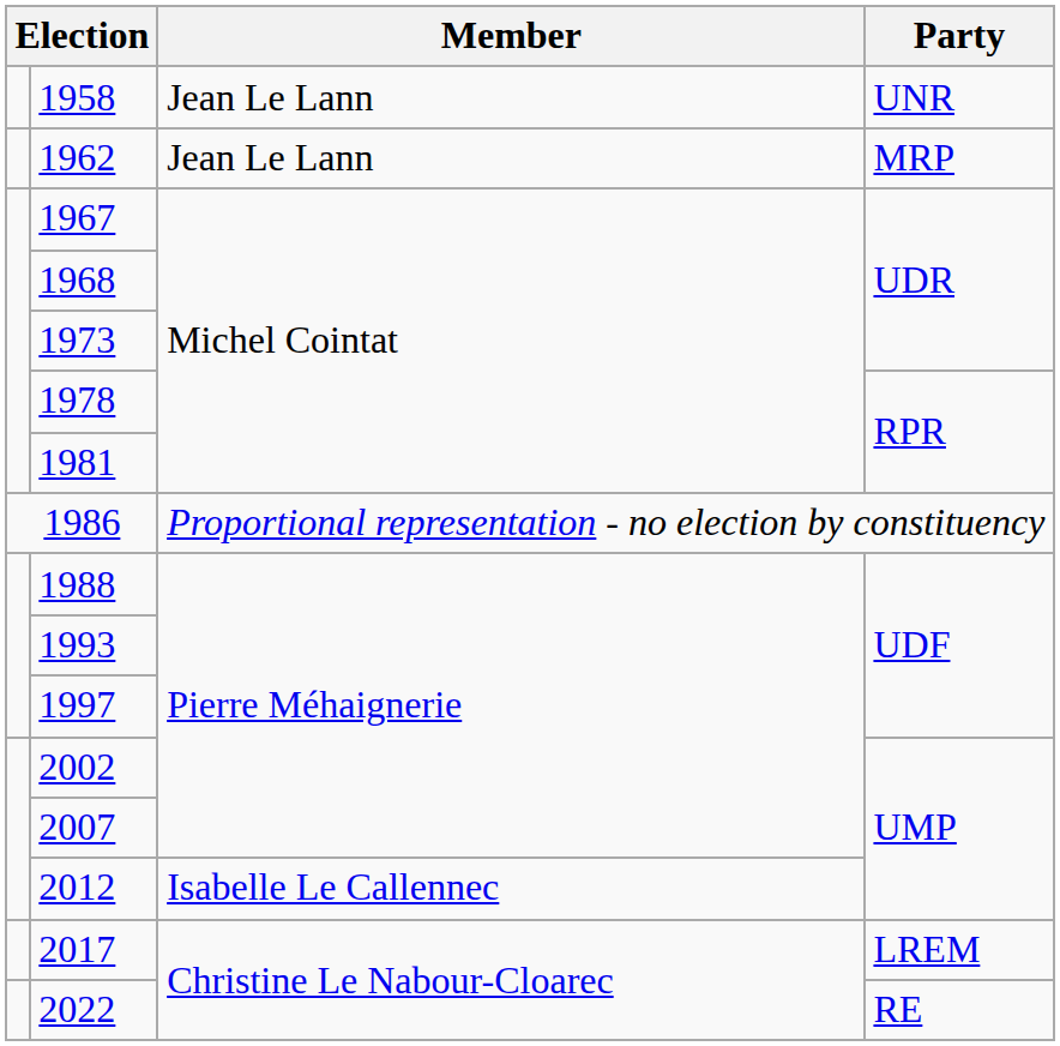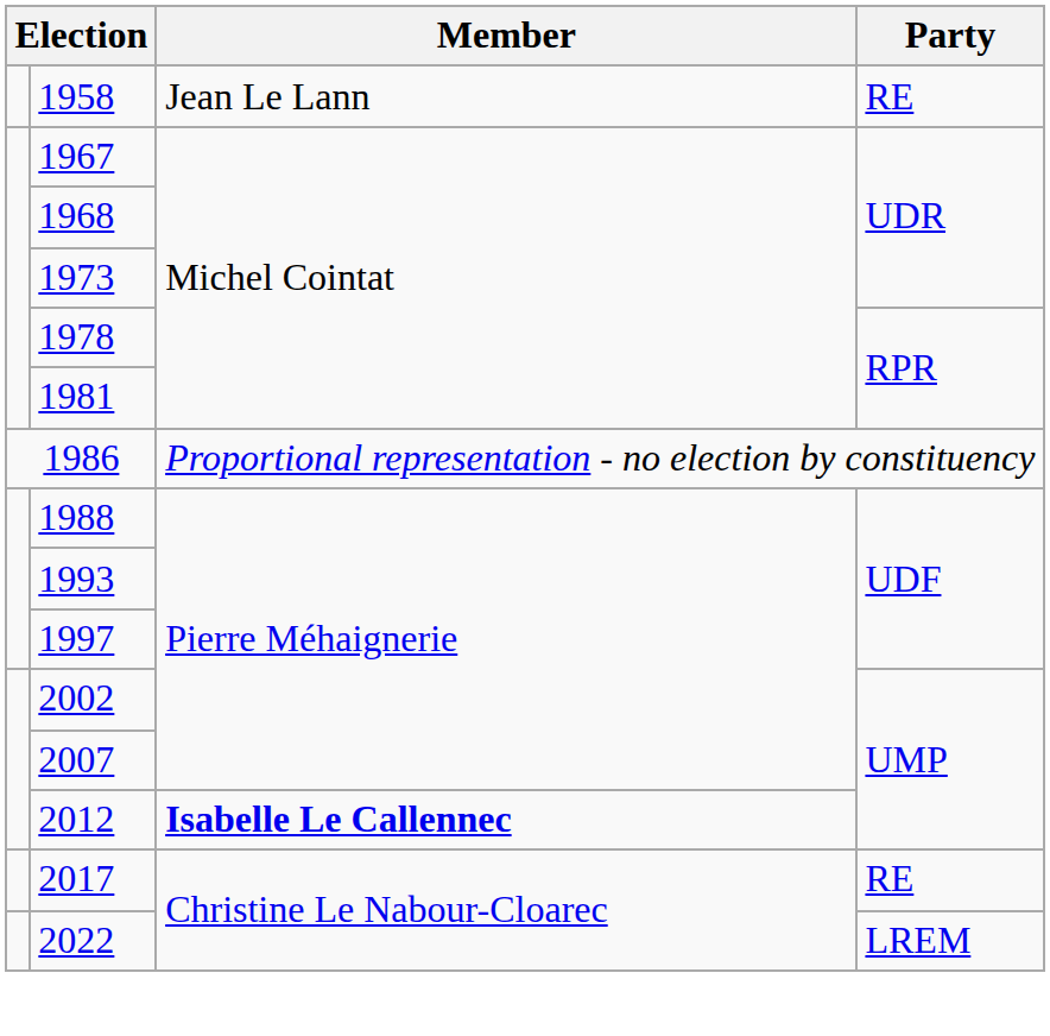 <table class="wikitable">
 <tr>
 <th colspan="2">Election</th>
 <th>Member</th>
 <th>Party</th>
 </tr>
 <tr>
 <td style="color:inherit;background-color: "></td>
 <td><a href='#'>1958</a></td>
 <td>Jean Le Lann</td>
-<td><a href='#'>UNR</a></td>
-</tr>
-<tr>
-<td style="color:inherit;background-color: "></td>
-<td><a href='#'>1962</a></td>
-<td>Jean Le Lann</td>
-<td><a href='#'>MRP</a></td>
+<td><a href='#'>RE</a></td>
 </tr>
 <tr>
 <td rowspan="5" style="color:inherit;background-color: "></td>
 <td><a href='#'>1967</a></td>
 <td rowspan="5">Michel Cointat</td>
 <td rowspan="3"><a href='#'>UDR</a></td>
 </tr>
 <tr>
 <td><a href='#'>1968</a></td>
 </tr>
 <tr>
 <td><a href='#'>1973</a></td>
 </tr>
 <tr>
 <td><a href='#'>1978</a></td>
 <td rowspan="2"><a href='#'>RPR</a></td>
 </tr>
 <tr>
 <td><a href='#'>1981</a></td>
 </tr>
 <tr>
 <td colspan="2" align="center"><a href='#'>1986</a></td>
 <td colspan="2"><em><a href='#'>Proportional representation</a> - no election by constituency</em></td>
 </tr>
 <tr>
 <td rowspan="3" style="color:inherit;background-color: "></td>
 <td><a href='#'>1988</a></td>
 <td rowspan="5"><a href='#'>Pierre Méhaignerie</a></td>
 <td rowspan="3"><a href='#'>UDF</a></td>
 </tr>
 <tr>
 <td><a href='#'>1993</a></td>
 </tr>
 <tr>
 <td><a href='#'>1997</a></td>
 </tr>
 <tr>
 <td rowspan="3" style="color:inherit;background-color: "></td>
 <td><a href='#'>2002</a></td>
 <td rowspan="3"><a href='#'>UMP</a></td>
 </tr>
 <tr>
 <td><a href='#'>2007</a></td>
 </tr>
 <tr>
 <td><a href='#'>2012</a></td>
-<td><a href='#'>Isabelle Le Callennec</a></td>
+<td><strong><a href='#'>Isabelle Le Callennec</a></strong></td>
 </tr>
 <tr>
 <td style="color:inherit;background-color: "></td>
 <td><a href='#'>2017</a></td>
 <td rowspan="2"><a href='#'>Christine Le Nabour-Cloarec</a></td>
-<td><a href='#'>LREM</a></td>
+<td><a href='#'>RE</a></td>
 </tr>
 <tr>
 <td style="color:inherit;background-color: "></td>
 <td><a href='#'>2022</a></td>
-<td><a href='#'>RE</a></td>
+<td><a href='#'>LREM</a></td>
 </tr>
 </table>
